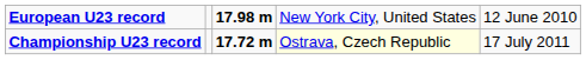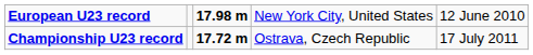 <table class="wikitable">
 <tr>
 <td><strong><a href='#'>European U23 record</a></strong></td>
 <td></td>
 <td><strong>17.98 m</strong></td>
 <td><a href='#'>New York City</a>, United States</td>
 <td>12 June 2010</td>
 </tr>
 <tr>
 <td><strong><a href='#'>Championship U23 record</a></strong></td>
 <td></td>
 <td><strong>17.72 m</strong></td>
-<td style="background: lightyellow;"><a href='#'>Ostrava</a>, Czech Republic</td>
+<td><a href='#'>Ostrava</a>, Czech Republic</td>
 <td>17 July 2011</td>
 </tr>
 </table>
